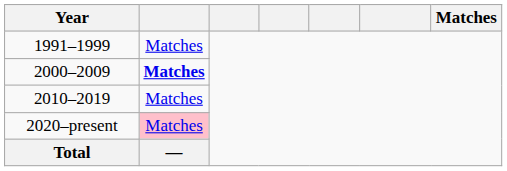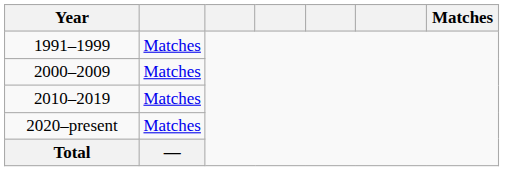 <table class="wikitable" style="text-align:center;">
 <tr>
 <th width="120">Year</th>
 <th width="40"></th>
 <th width="40"></th>
 <th width="40"></th>
 <th width="40"></th>
 <th width="60"></th>
 <th width="60">Matches</th>
 </tr>
 <tr>
 <td>1991–1999<br></td>
 <td><a href='#'>Matches</a></td>
 </tr>
 <tr>
 <td>2000–2009<br></td>
-<td><strong><a href='#'>Matches</a></strong></td>
+<td><a href='#'>Matches</a></td>
 </tr>
 <tr>
 <td>2010–2019<br></td>
 <td><a href='#'>Matches</a></td>
 </tr>
 <tr>
 <td>2020–present<br></td>
-<td style="background: pink;"><a href='#'>Matches</a></td>
+<td><a href='#'>Matches</a></td>
 </tr>
 <tr>
 <th>Total<br></th>
 <th>—</th>
 </tr>
 </table>
